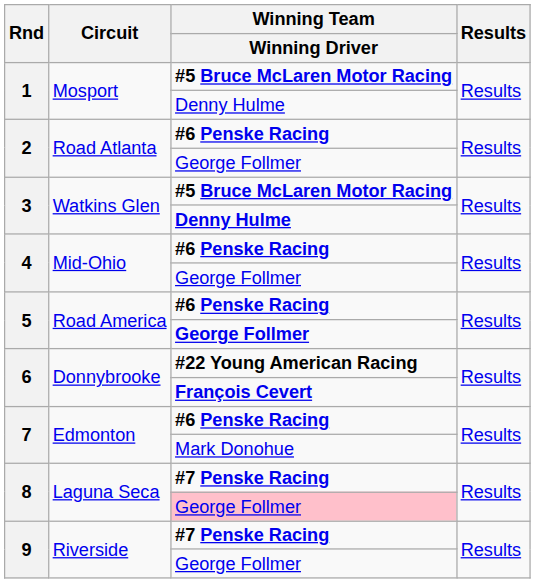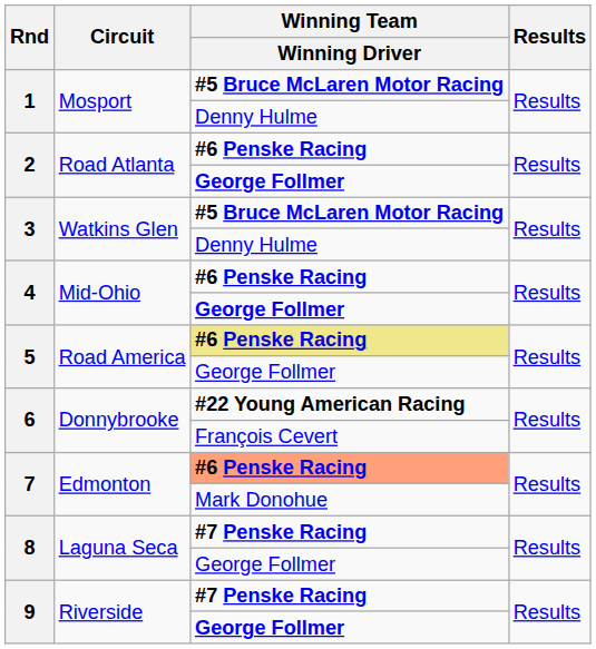 <table class="wikitable" style="font-size: 90%;">
 <tr>
 <th rowspan=2>Rnd</th>
 <th rowspan=2>Circuit</th>
 <th>Winning Team</th>
 <th rowspan=2>Results</th>
 </tr>
 <tr>
 <th>Winning Driver</th>
 </tr>
 <tr>
 <th rowspan=2>1</th>
 <td rowspan=2><a href='#'>Mosport</a></td>
 <td><strong> #5 <a href='#'>Bruce McLaren Motor Racing</a></strong></td>
 <td rowspan=2><a href='#'>Results</a></td>
 </tr>
 <tr>
 <td> <a href='#'>Denny Hulme</a></td>
 </tr>
 <tr>
 <th rowspan=2>2</th>
 <td rowspan=2><a href='#'>Road Atlanta</a></td>
 <td><strong> #6 <a href='#'>Penske Racing</a></strong></td>
 <td rowspan=2><a href='#'>Results</a></td>
 </tr>
 <tr>
-<td> <a href='#'>George Follmer</a></td>
+<td><strong> <a href='#'>George Follmer</a></strong></td>
 </tr>
 <tr>
 <th rowspan=2>3</th>
 <td rowspan=2><a href='#'>Watkins Glen</a></td>
 <td><strong> #5 <a href='#'>Bruce McLaren Motor Racing</a></strong></td>
 <td rowspan=2><a href='#'>Results</a></td>
 </tr>
 <tr>
-<td><strong> <a href='#'>Denny Hulme</a></strong></td>
+<td> <a href='#'>Denny Hulme</a></td>
 </tr>
 <tr>
 <th rowspan=2>4</th>
 <td rowspan=2><a href='#'>Mid-Ohio</a></td>
 <td><strong> #6 <a href='#'>Penske Racing</a></strong></td>
 <td rowspan=2><a href='#'>Results</a></td>
 </tr>
 <tr>
-<td> <a href='#'>George Follmer</a></td>
+<td><strong> <a href='#'>George Follmer</a></strong></td>
 </tr>
 <tr>
 <th rowspan=2>5</th>
 <td rowspan=2><a href='#'>Road America</a></td>
-<td><strong> #6 <a href='#'>Penske Racing</a></strong></td>
+<td style="background: khaki;"><strong> #6 <a href='#'>Penske Racing</a></strong></td>
 <td rowspan=2><a href='#'>Results</a></td>
 </tr>
 <tr>
-<td><strong> <a href='#'>George Follmer</a></strong></td>
+<td> <a href='#'>George Follmer</a></td>
 </tr>
 <tr>
 <th rowspan=2>6</th>
 <td rowspan=2><a href='#'>Donnybrooke</a></td>
 <td><strong> #22 Young American Racing</strong></td>
 <td rowspan=2><a href='#'>Results</a></td>
 </tr>
 <tr>
-<td><strong> <a href='#'>François Cevert</a></strong></td>
+<td> <a href='#'>François Cevert</a></td>
 </tr>
 <tr>
 <th rowspan=2>7</th>
 <td rowspan=2><a href='#'>Edmonton</a></td>
-<td><strong> #6 <a href='#'>Penske Racing</a></strong></td>
+<td style="background: lightsalmon;"><strong> #6 <a href='#'>Penske Racing</a></strong></td>
 <td rowspan=2><a href='#'>Results</a></td>
 </tr>
 <tr>
 <td> <a href='#'>Mark Donohue</a></td>
 </tr>
 <tr>
 <th rowspan=2>8</th>
 <td rowspan=2><a href='#'>Laguna Seca</a></td>
 <td><strong> #7 <a href='#'>Penske Racing</a></strong></td>
 <td rowspan=2><a href='#'>Results</a></td>
 </tr>
 <tr>
-<td style="background: pink;"> <a href='#'>George Follmer</a></td>
+<td> <a href='#'>George Follmer</a></td>
 </tr>
 <tr>
 <th rowspan=2>9</th>
 <td rowspan=2><a href='#'>Riverside</a></td>
 <td><strong> #7 <a href='#'>Penske Racing</a></strong></td>
 <td rowspan=2><a href='#'>Results</a></td>
 </tr>
 <tr>
-<td> <a href='#'>George Follmer</a></td>
+<td><strong> <a href='#'>George Follmer</a></strong></td>
 </tr>
 </table>
